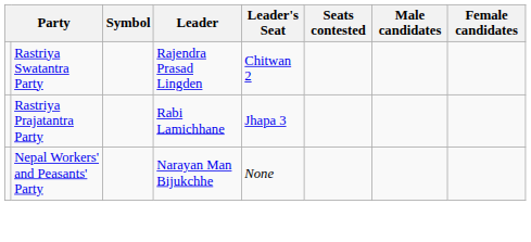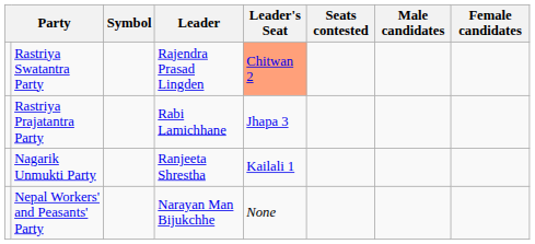 <table class="wikitable">
 <tr>
 <th colspan="2">Party</th>
 <th>Symbol</th>
 <th>Leader</th>
 <th>Leader's Seat</th>
 <th>Seats contested</th>
 <th>Male candidates</th>
 <th>Female candidates</th>
 </tr>
 <tr>
 <td style="text-align:center; background:"></td>
 <td><a href='#'>Rastriya Swatantra Party</a></td>
 <td></td>
 <td><a href='#'>Rajendra Prasad Lingden</a></td>
-<td><a href='#'>Chitwan 2</a></td>
+<td style="background: lightsalmon;"><a href='#'>Chitwan 2</a></td>
 <td></td>
 <td></td>
 <td></td>
 </tr>
 <tr>
 <td></td>
 <td><a href='#'>Rastriya Prajatantra Party</a></td>
 <td></td>
 <td><a href='#'>Rabi Lamichhane</a></td>
 <td><a href='#'>Jhapa 3</a></td>
 <td></td>
 <td></td>
 <td></td>
 </tr>
 <tr>
 <td style="text-align:center; background:"></td>
+<td><a href='#'>Nagarik Unmukti Party</a></td>
+<td></td>
+<td><a href='#'>Ranjeeta Shrestha</a></td>
+<td><a href='#'>Kailali 1</a></td>
+<td></td>
+<td></td>
+<td></td>
+</tr>
+<tr>
+<td style="text-align:center; background:"></td>
 <td><a href='#'>Nepal Workers' and Peasants' Party</a></td>
 <td></td>
 <td><a href='#'>Narayan Man Bijukchhe</a></td>
 <td><em>None</em></td>
 <td></td>
 <td></td>
 <td></td>
 </tr>
 </table>
